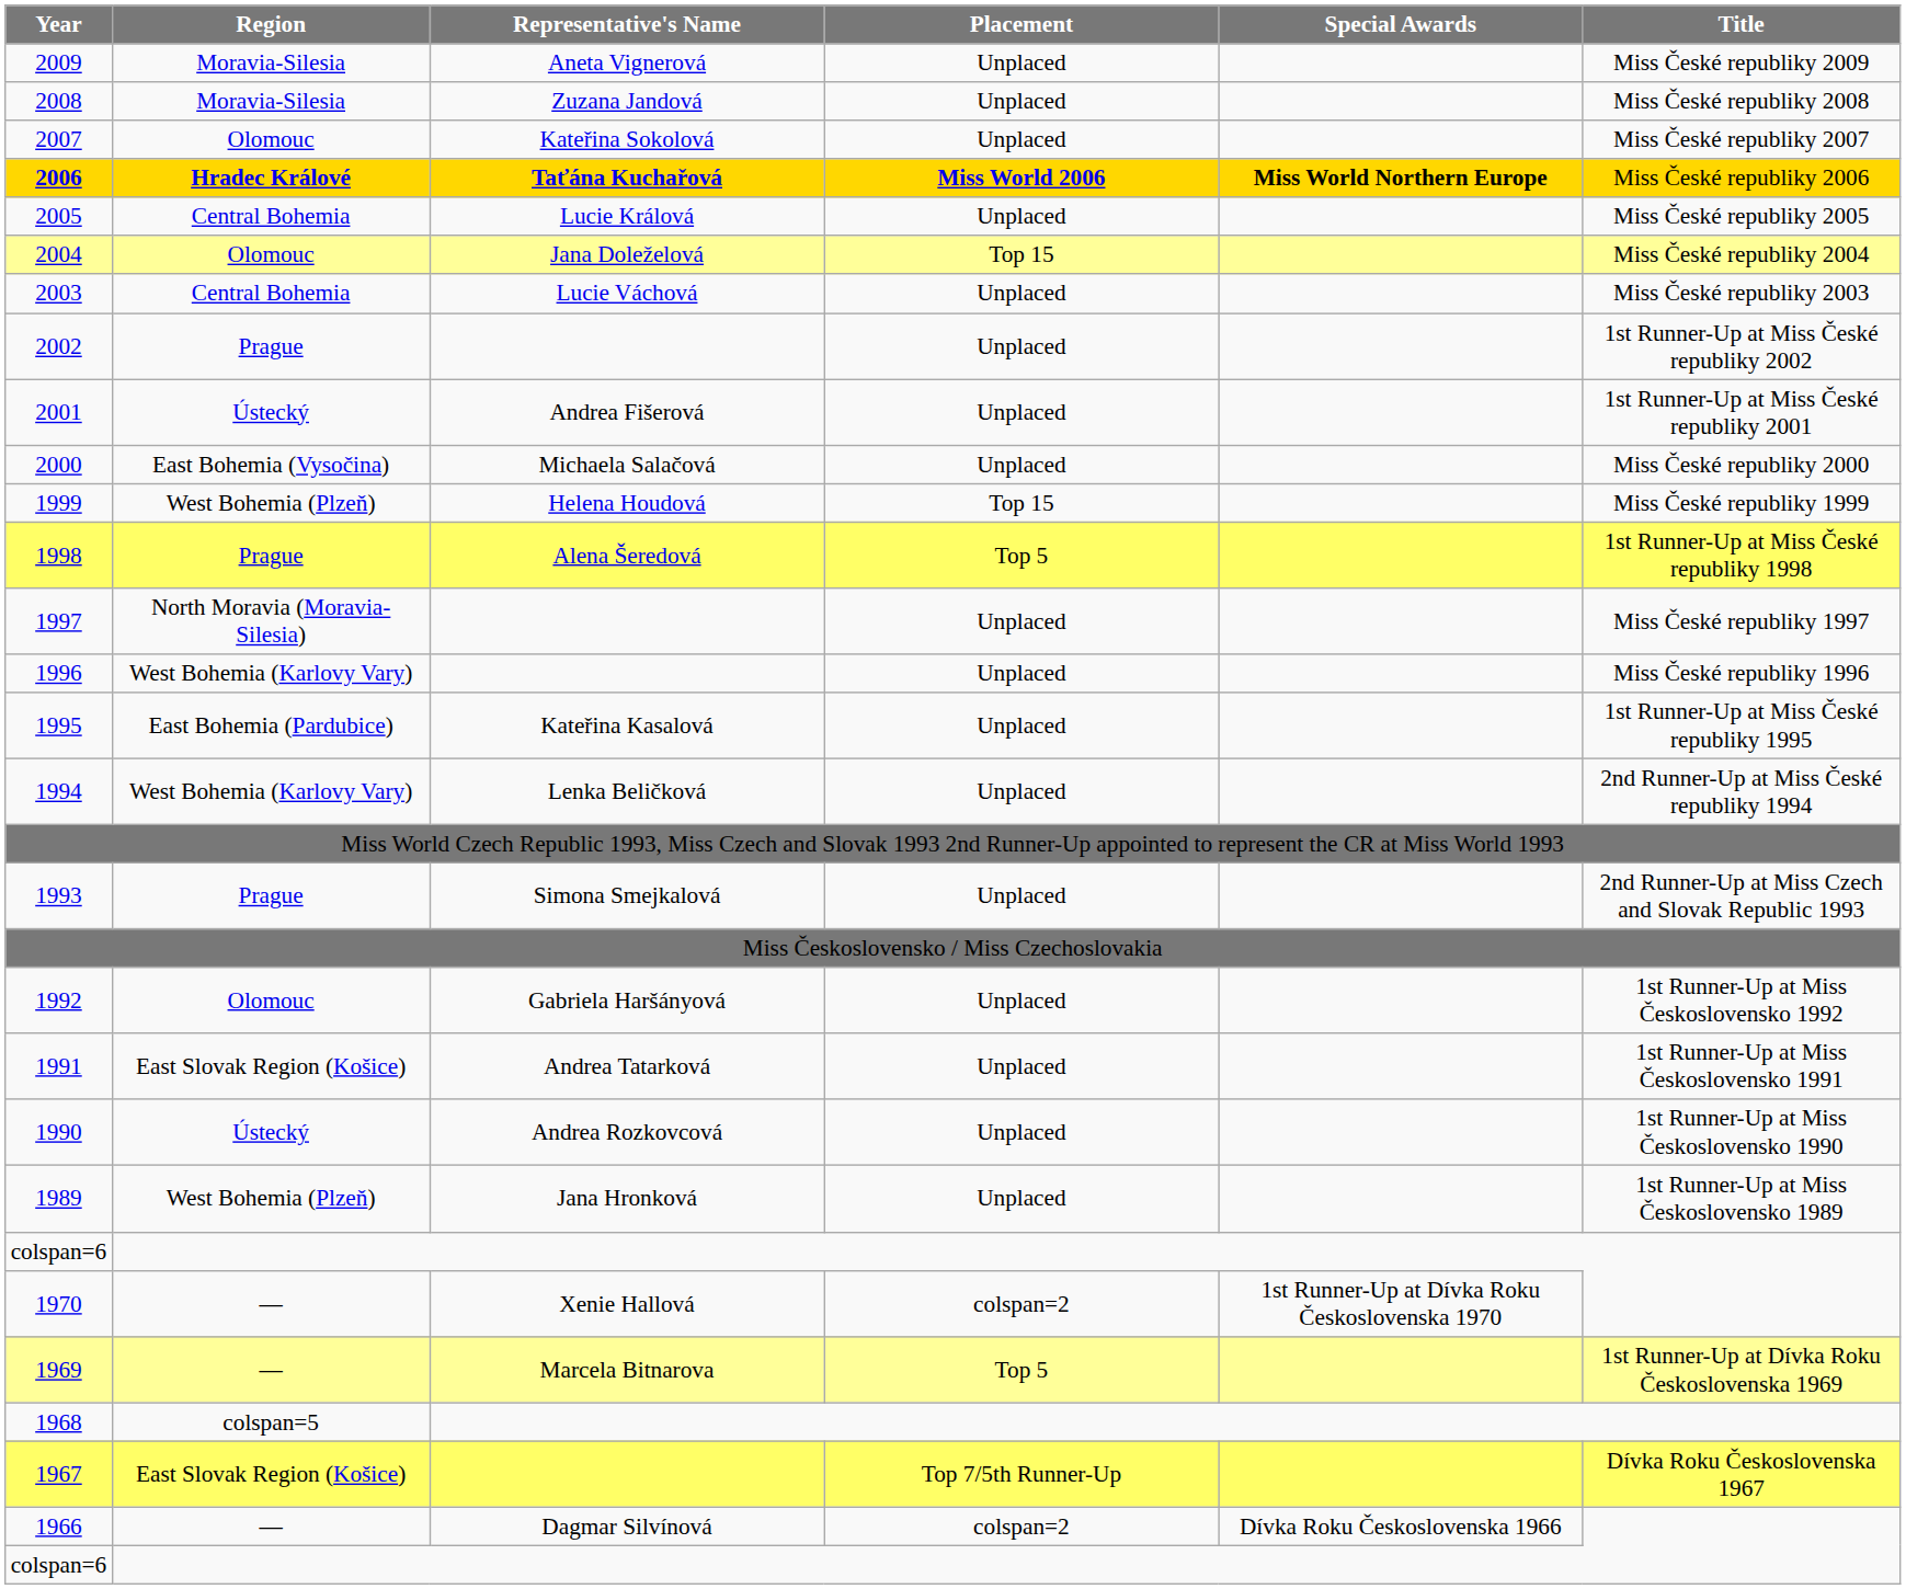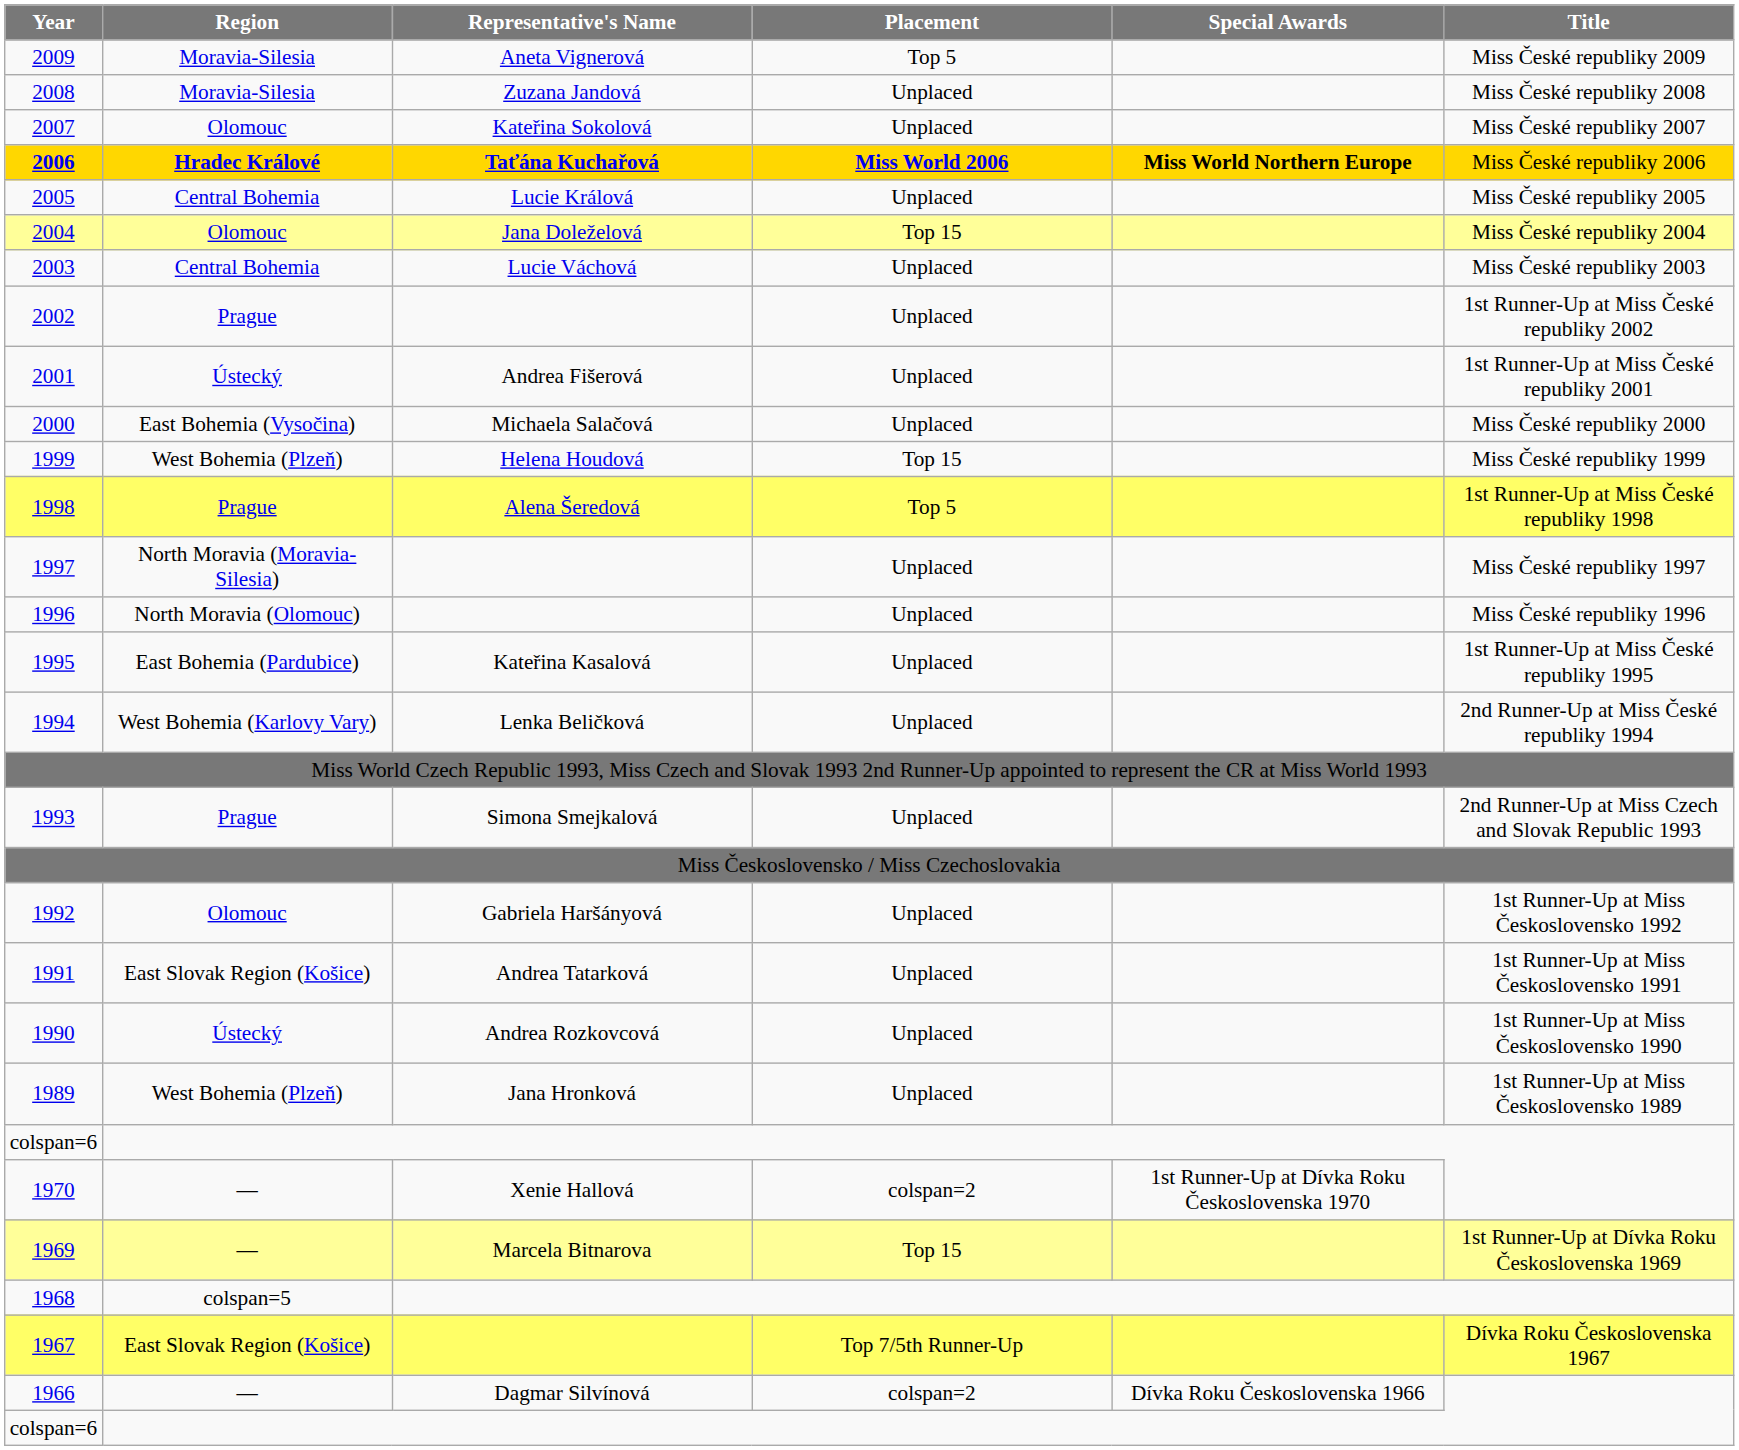 <table class="wikitable sortable" style="font-size: 95%; text-align:center">
 <tr>
 <th width="60" style="background-color:#787878;color:#FFFFFF;">Year</th>
 <th width="200" style="background-color:#787878;color:#FFFFFF;">Region</th>
 <th width="250" style="background-color:#787878;color:#FFFFFF;">Representative's Name</th>
 <th width="250" style="background-color:#787878;color:#FFFFFF;">Placement</th>
 <th width="230" style="background-color:#787878;color:#FFFFFF;">Special Awards</th>
 <th width="200" style="background-color:#787878;color:#FFFFFF;">Title</th>
 </tr>
 <tr>
 <td><a href='#'>2009</a></td>
 <td><a href='#'>Moravia-Silesia</a></td>
 <td><a href='#'>Aneta Vignerová</a></td>
-<td>Unplaced</td>
+<td>Top 5</td>
 <td></td>
 <td>Miss České republiky 2009</td>
 </tr>
 <tr>
 <td><a href='#'>2008</a></td>
 <td><a href='#'>Moravia-Silesia</a></td>
 <td><a href='#'>Zuzana Jandová</a></td>
 <td>Unplaced</td>
 <td></td>
 <td>Miss České republiky 2008</td>
 </tr>
 <tr>
 <td><a href='#'>2007</a></td>
 <td><a href='#'>Olomouc</a></td>
 <td><a href='#'>Kateřina Sokolová</a></td>
 <td>Unplaced</td>
 <td></td>
 <td>Miss České republiky 2007</td>
 </tr>
 <tr style="background-color:GOLD;">
 <td><strong><a href='#'>2006</a></strong></td>
 <td><strong><a href='#'>Hradec Králové</a></strong></td>
 <td><strong><a href='#'>Taťána Kuchařová</a></strong></td>
 <td><strong><a href='#'>Miss World 2006</a></strong></td>
 <td><strong>Miss World Northern Europe</strong></td>
 <td>Miss České republiky 2006</td>
 </tr>
 <tr>
 <td><a href='#'>2005</a></td>
 <td><a href='#'>Central Bohemia</a></td>
 <td><a href='#'>Lucie Králová</a></td>
 <td>Unplaced</td>
 <td></td>
 <td>Miss České republiky 2005</td>
 </tr>
 <tr style="background-color:#FFFF99;">
 <td><a href='#'>2004</a></td>
 <td><a href='#'>Olomouc</a></td>
 <td><a href='#'>Jana Doleželová</a></td>
 <td>Top 15</td>
 <td></td>
 <td>Miss České republiky 2004</td>
 </tr>
 <tr>
 <td><a href='#'>2003</a></td>
 <td><a href='#'>Central Bohemia</a></td>
 <td><a href='#'>Lucie Váchová</a></td>
 <td>Unplaced</td>
 <td></td>
 <td>Miss České republiky 2003</td>
 </tr>
 <tr>
 <td><a href='#'>2002</a></td>
 <td><a href='#'>Prague</a></td>
 <td></td>
 <td>Unplaced</td>
 <td></td>
 <td>1st Runner-Up at Miss České republiky 2002</td>
 </tr>
 <tr>
 <td><a href='#'>2001</a></td>
 <td><a href='#'>Ústecký</a></td>
 <td>Andrea Fišerová</td>
 <td>Unplaced</td>
 <td></td>
 <td>1st Runner-Up at Miss České republiky 2001</td>
 </tr>
 <tr>
 <td><a href='#'>2000</a></td>
 <td>East Bohemia (<a href='#'>Vysočina</a>)</td>
 <td>Michaela Salačová</td>
 <td>Unplaced</td>
 <td></td>
 <td>Miss České republiky 2000</td>
 </tr>
 <tr>
 <td><a href='#'>1999</a></td>
 <td>West Bohemia (<a href='#'>Plzeň</a>)</td>
 <td><a href='#'>Helena Houdová</a></td>
 <td>Top 15</td>
 <td></td>
 <td>Miss České republiky 1999</td>
 </tr>
 <tr style="background-color:#FFFF66;">
 <td><a href='#'>1998</a></td>
 <td><a href='#'>Prague</a></td>
 <td><a href='#'>Alena Šeredová</a></td>
 <td>Top 5</td>
 <td></td>
 <td>1st Runner-Up at Miss České republiky 1998</td>
 </tr>
 <tr>
 <td><a href='#'>1997</a></td>
 <td>North Moravia (<a href='#'>Moravia-Silesia</a>)</td>
 <td></td>
 <td>Unplaced</td>
 <td></td>
 <td>Miss České republiky 1997</td>
 </tr>
 <tr>
 <td><a href='#'>1996</a></td>
-<td>West Bohemia (<a href='#'>Karlovy Vary</a>)</td>
+<td>North Moravia (<a href='#'>Olomouc</a>)</td>
 <td></td>
 <td>Unplaced</td>
 <td></td>
 <td>Miss České republiky 1996</td>
 </tr>
 <tr>
 <td><a href='#'>1995</a></td>
 <td>East Bohemia (<a href='#'>Pardubice</a>)</td>
 <td>Kateřina Kasalová</td>
 <td>Unplaced</td>
 <td></td>
 <td>1st Runner-Up at Miss České republiky 1995</td>
 </tr>
 <tr>
 <td><a href='#'>1994</a></td>
 <td>West Bohemia (<a href='#'>Karlovy Vary</a>)</td>
 <td>Lenka Beličková</td>
 <td>Unplaced</td>
 <td></td>
 <td>2nd Runner-Up at Miss České republiky 1994</td>
 </tr>
 <tr bgcolor="#787878" align="center">
 <td colspan="6"><span>Miss World Czech Republic 1993, Miss Czech and Slovak 1993 2nd Runner-Up appointed to represent the CR at Miss World 1993</span></td>
 </tr>
 <tr>
 <td><a href='#'>1993</a></td>
 <td><a href='#'>Prague</a></td>
 <td>Simona Smejkalová</td>
 <td>Unplaced</td>
 <td></td>
 <td>2nd Runner-Up at Miss Czech and Slovak Republic 1993</td>
 </tr>
 <tr bgcolor="#787878" align="center">
 <td colspan="6"><span>Miss Československo / Miss Czechoslovakia</span></td>
 </tr>
 <tr>
 <td><a href='#'>1992</a></td>
 <td><a href='#'>Olomouc</a></td>
 <td>Gabriela Haršányová</td>
 <td>Unplaced</td>
 <td></td>
 <td>1st Runner-Up at Miss Československo 1992</td>
 </tr>
 <tr>
 <td><a href='#'>1991</a></td>
 <td>East Slovak Region (<a href='#'>Košice</a>)</td>
 <td>Andrea Tatarková</td>
 <td>Unplaced</td>
 <td></td>
 <td>1st Runner-Up at Miss Československo 1991</td>
 </tr>
 <tr>
 <td><a href='#'>1990</a></td>
 <td><a href='#'>Ústecký</a></td>
 <td>Andrea Rozkovcová</td>
 <td>Unplaced</td>
 <td></td>
 <td>1st Runner-Up at Miss Československo 1990</td>
 </tr>
 <tr>
 <td><a href='#'>1989</a></td>
 <td>West Bohemia (<a href='#'>Plzeň</a>)</td>
 <td>Jana Hronková</td>
 <td>Unplaced</td>
 <td></td>
 <td>1st Runner-Up at Miss Československo 1989</td>
 </tr>
 <tr>
 <td>colspan=6 </td>
 </tr>
 <tr>
 <td><a href='#'>1970</a></td>
 <td>—</td>
 <td>Xenie Hallová</td>
 <td>colspan=2 </td>
 <td>1st Runner-Up at Dívka Roku Československa 1970</td>
 </tr>
 <tr style="background-color:#FFFF99;">
 <td><a href='#'>1969</a></td>
 <td>—</td>
 <td>Marcela Bitnarova</td>
-<td>Top 5</td>
+<td>Top 15</td>
 <td></td>
 <td>1st Runner-Up at Dívka Roku Československa 1969</td>
 </tr>
 <tr>
 <td><a href='#'>1968</a></td>
 <td>colspan=5 </td>
 </tr>
 <tr style="background-color:#FFFF66;">
 <td><a href='#'>1967</a></td>
 <td>East Slovak Region (<a href='#'>Košice</a>)</td>
 <td></td>
 <td>Top 7/5th Runner-Up</td>
 <td></td>
 <td>Dívka Roku Československa 1967</td>
 </tr>
 <tr>
 <td><a href='#'>1966</a></td>
 <td>—</td>
 <td>Dagmar Silvínová</td>
 <td>colspan=2 </td>
 <td>Dívka Roku Československa 1966</td>
 </tr>
 <tr>
 <td>colspan=6 </td>
 </tr>
 </table>
